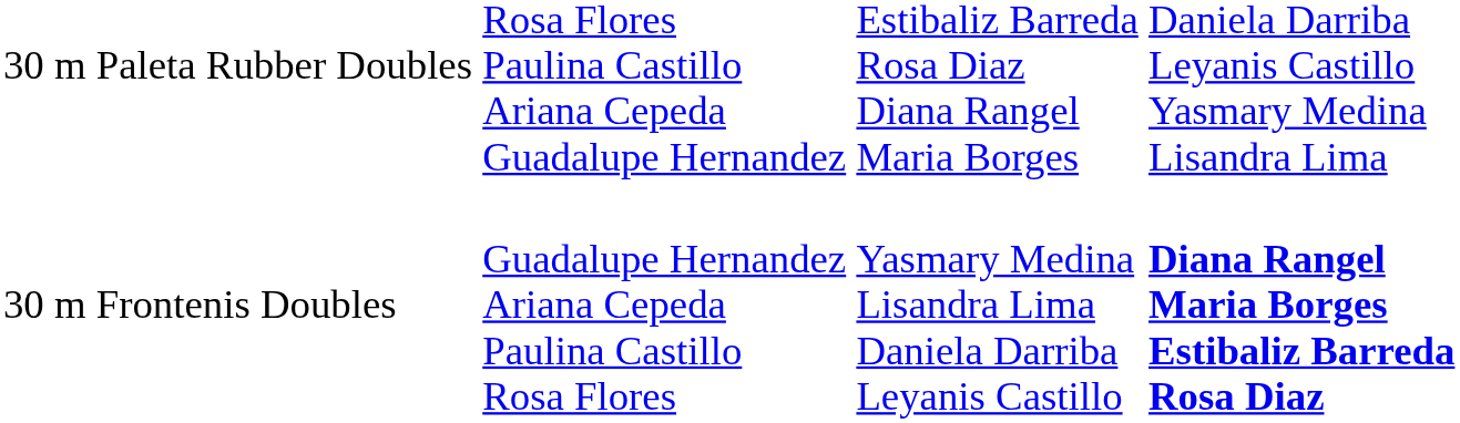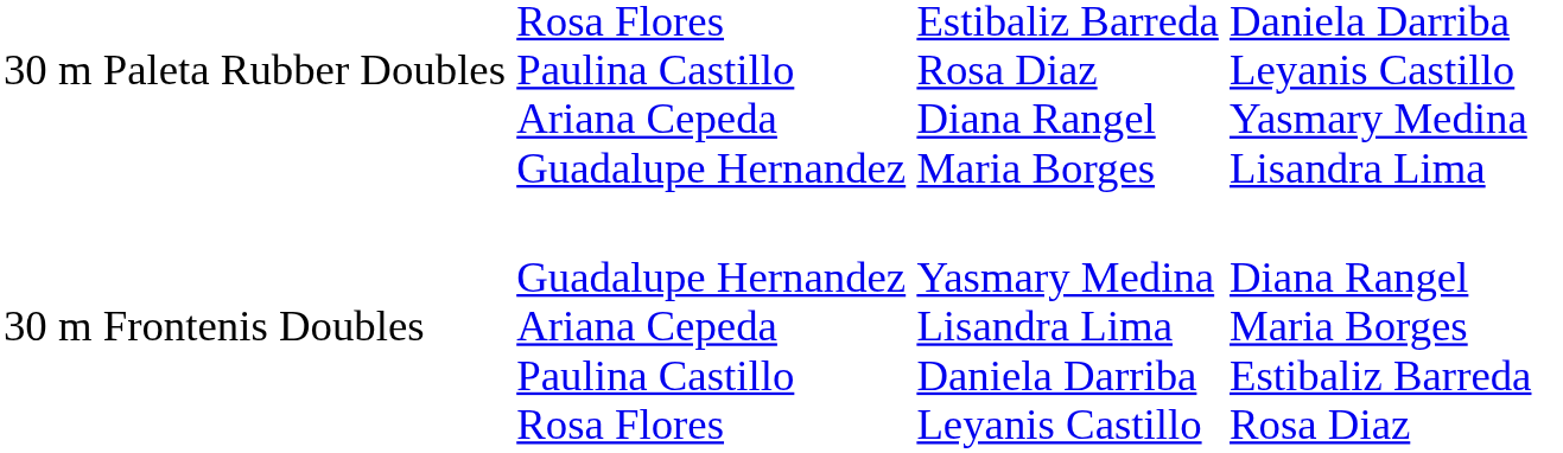 <table>
 <tr>
 <td>30 m Paleta Rubber Doubles</td>
 <td><br><a href='#'>Rosa Flores</a><br><a href='#'>Paulina Castillo</a><br><a href='#'>Ariana Cepeda</a><br><a href='#'>Guadalupe Hernandez</a></td>
 <td><br><a href='#'>Estibaliz Barreda</a><br><a href='#'>Rosa Diaz</a><br><a href='#'>Diana Rangel</a><br><a href='#'>Maria Borges</a></td>
 <td><br><a href='#'>Daniela Darriba</a><br><a href='#'>Leyanis Castillo</a><br><a href='#'>Yasmary Medina</a><br><a href='#'>Lisandra Lima</a></td>
 </tr>
 <tr>
 <td>30 m Frontenis Doubles</td>
 <td><br><a href='#'>Guadalupe Hernandez</a><br><a href='#'>Ariana Cepeda</a><br><a href='#'>Paulina Castillo</a><br><a href='#'>Rosa Flores</a></td>
 <td><br><a href='#'>Yasmary Medina</a><br><a href='#'>Lisandra Lima</a><br><a href='#'>Daniela Darriba</a><br><a href='#'>Leyanis Castillo</a></td>
-<td><strong><br><a href='#'>Diana Rangel</a><br><a href='#'>Maria Borges</a><br><a href='#'>Estibaliz Barreda</a><br><a href='#'>Rosa Diaz</a></strong></td>
+<td><br><a href='#'>Diana Rangel</a><br><a href='#'>Maria Borges</a><br><a href='#'>Estibaliz Barreda</a><br><a href='#'>Rosa Diaz</a></td>
 </tr>
 <tr>
 </tr>
 </table>
